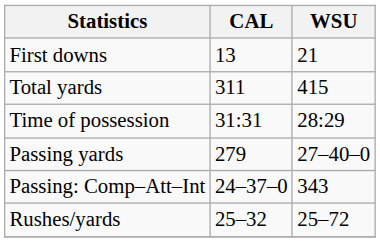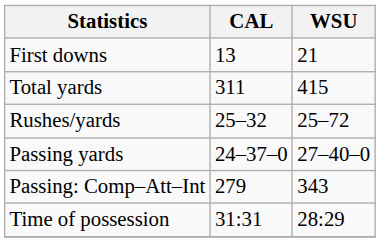 <table class="wikitable" style="float: left;">
 <tr>
 <th>Statistics</th>
 <th>CAL</th>
 <th>WSU</th>
 </tr>
 <tr>
 <td>First downs</td>
 <td>13</td>
 <td>21</td>
 </tr>
 <tr>
 <td>Total yards</td>
 <td>311</td>
 <td>415</td>
 </tr>
 <tr>
+<td>Rushes/yards</td>
+<td>25–32</td>
+<td>25–72</td>
+</tr>
+<tr>
+<td>Passing yards</td>
+<td>24–37–0</td>
+<td>27–40–0</td>
+</tr>
+<tr>
+<td>Passing: Comp–Att–Int</td>
+<td>279</td>
+<td>343</td>
+</tr>
+<tr>
 <td>Time of possession</td>
 <td>31:31</td>
 <td>28:29</td>
 </tr>
 <tr>
-<td>Passing yards</td>
-<td>279</td>
-<td>27–40–0</td>
-</tr>
-<tr>
-<td>Passing: Comp–Att–Int</td>
-<td>24–37–0</td>
-<td>343</td>
-</tr>
-<tr>
-<td>Rushes/yards</td>
-<td>25–32</td>
-<td>25–72</td>
-</tr>
-<tr>
 </tr>
 </table>
